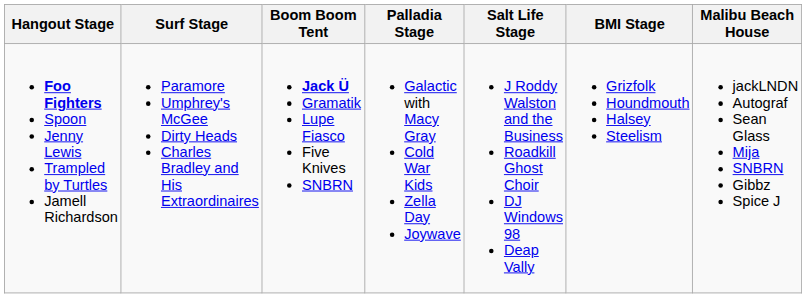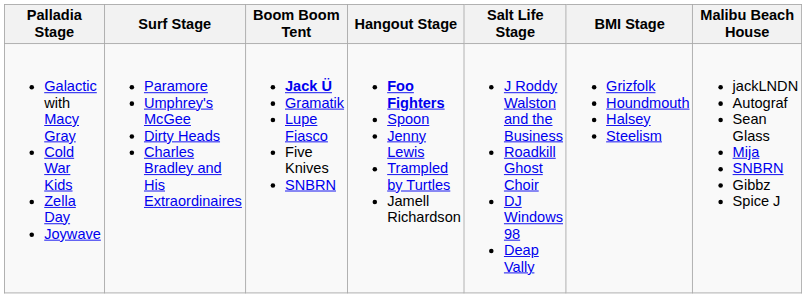 <table class="wikitable">
 <tr>
-<th>Hangout Stage</th>
+<th>Palladia Stage</th>
 <th>Surf Stage</th>
 <th>Boom Boom Tent</th>
-<th>Palladia Stage</th>
+<th>Hangout Stage</th>
 <th>Salt Life Stage</th>
 <th>BMI Stage</th>
 <th>Malibu Beach House</th>
 </tr>
 <tr valign="top">
-<td><br><ul><li><strong><a href='#'>Foo Fighters</a></strong></li><li><a href='#'>Spoon</a></li><li><a href='#'>Jenny Lewis</a></li><li><a href='#'>Trampled by Turtles</a></li><li>Jamell Richardson</li></ul></td>
+<td><br><ul><li><a href='#'>Galactic</a> with <a href='#'>Macy Gray</a></li><li><a href='#'>Cold War Kids</a></li><li><a href='#'>Zella Day</a></li><li><a href='#'>Joywave</a></li></ul></td>
 <td><br><ul><li><a href='#'>Paramore</a></li><li><a href='#'>Umphrey's McGee</a></li><li><a href='#'>Dirty Heads</a></li><li><a href='#'>Charles Bradley and His Extraordinaires</a></li></ul></td>
 <td><br><ul><li><strong><a href='#'>Jack Ü</a></strong></li><li><a href='#'>Gramatik</a></li><li><a href='#'>Lupe Fiasco</a></li><li>Five Knives</li><li><a href='#'>SNBRN</a></li></ul></td>
-<td><br><ul><li><a href='#'>Galactic</a> with <a href='#'>Macy Gray</a></li><li><a href='#'>Cold War Kids</a></li><li><a href='#'>Zella Day</a></li><li><a href='#'>Joywave</a></li></ul></td>
+<td><br><ul><li><strong><a href='#'>Foo Fighters</a></strong></li><li><a href='#'>Spoon</a></li><li><a href='#'>Jenny Lewis</a></li><li><a href='#'>Trampled by Turtles</a></li><li>Jamell Richardson</li></ul></td>
 <td><br><ul><li><a href='#'>J Roddy Walston and the Business</a></li><li><a href='#'>Roadkill Ghost Choir</a></li><li><a href='#'>DJ Windows 98</a></li><li><a href='#'>Deap Vally</a></li></ul></td>
 <td><br><ul><li><a href='#'>Grizfolk</a></li><li><a href='#'>Houndmouth</a></li><li><a href='#'>Halsey</a></li><li><a href='#'>Steelism</a></li></ul></td>
 <td><br><ul><li>jackLNDN</li><li>Autograf</li><li>Sean Glass</li><li><a href='#'>Mija</a></li><li><a href='#'>SNBRN</a></li><li>Gibbz</li><li>Spice J</li></ul></td>
 </tr>
 </table>
